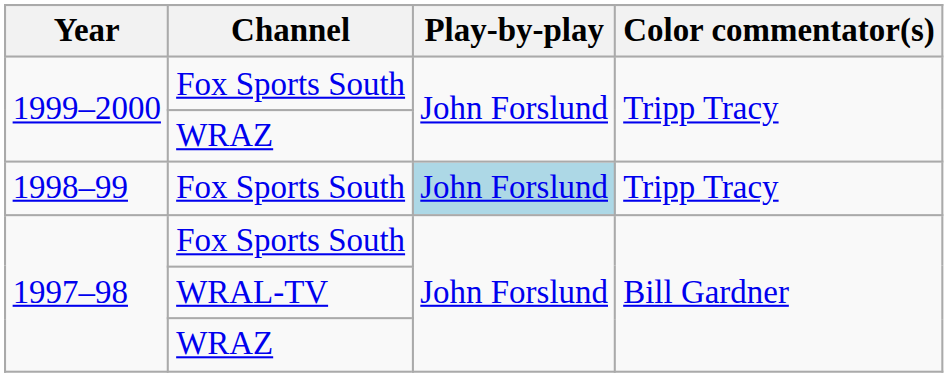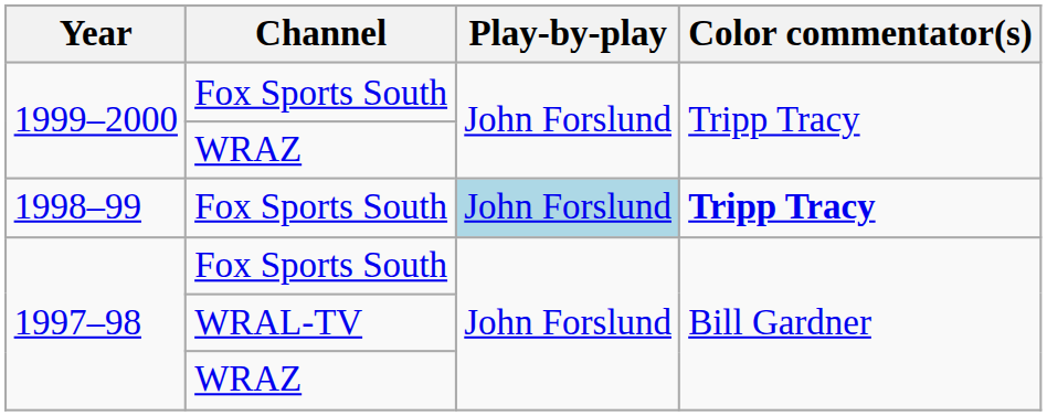 <table class="wikitable">
 <tr>
 <th>Year</th>
 <th>Channel</th>
 <th>Play-by-play</th>
 <th>Color commentator(s)</th>
 </tr>
 <tr>
 <td rowspan="2"><a href='#'>1999–2000</a></td>
 <td><a href='#'>Fox Sports South</a></td>
 <td rowspan="2"><a href='#'>John Forslund</a></td>
 <td rowspan="2"><a href='#'>Tripp Tracy</a></td>
 </tr>
 <tr>
 <td><a href='#'>WRAZ</a></td>
 </tr>
 <tr>
 <td><a href='#'>1998–99</a></td>
 <td><a href='#'>Fox Sports South</a></td>
 <td style="background: lightblue;"><a href='#'>John Forslund</a></td>
-<td><a href='#'>Tripp Tracy</a></td>
+<td><strong><a href='#'>Tripp Tracy</a></strong></td>
 </tr>
 <tr>
 <td rowspan="3"><a href='#'>1997–98</a></td>
 <td><a href='#'>Fox Sports South</a></td>
 <td rowspan="3"><a href='#'>John Forslund</a></td>
 <td rowspan="3"><a href='#'>Bill Gardner</a></td>
 </tr>
 <tr>
 <td><a href='#'>WRAL-TV</a></td>
 </tr>
 <tr>
 <td><a href='#'>WRAZ</a></td>
 </tr>
 </table>
